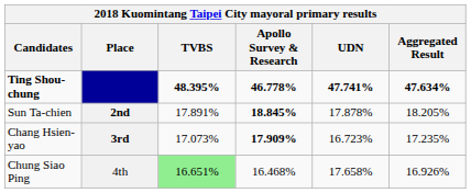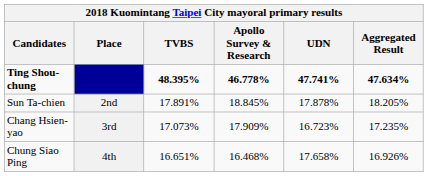 <table class="wikitable collapsible">
 <tr>
 <th colspan="6" width=600>2018 Kuomintang <a href='#'>Taipei</a> City mayoral primary results</th>
 </tr>
 <tr>
 <th width=80>Candidates</th>
 <th width=80>Place</th>
 <th width=80>TVBS</th>
 <th width=80>Apollo Survey & Research</th>
 <th width=80>UDN</th>
 <th width=80>Aggregated Result</th>
 </tr>
 <tr>
 <td><strong>Ting Shou-chung</strong></td>
 <td style="background: #000099; text-align:center"><strong></strong></td>
 <td style="text-align:center"><strong>48.395%</strong></td>
 <td style="text-align:center"><strong>46.778%</strong></td>
 <td style="text-align:center"><strong>47.741%</strong></td>
 <td style="text-align:center"><strong>47.634%</strong></td>
 </tr>
 <tr>
 <td>Sun Ta-chien</td>
-<td style="background: #f1f1f1; text-align:center"><strong>2nd</strong></td>
+<td style="background: #f1f1f1; text-align:center">2nd</td>
 <td style="text-align:center">17.891%</td>
-<td style="text-align:center"><strong>18.845%</strong></td>
+<td style="text-align:center">18.845%</td>
 <td style="text-align:center">17.878%</td>
 <td style="text-align:center">18.205%</td>
 </tr>
 <tr>
 <td>Chang Hsien-yao</td>
-<td style="background: #f1f1f1; text-align:center"><strong>3rd</strong></td>
+<td style="background: #f1f1f1; text-align:center">3rd</td>
 <td style="text-align:center">17.073%</td>
-<td style="text-align:center"><strong>17.909%</strong></td>
+<td style="text-align:center">17.909%</td>
 <td style="text-align:center">16.723%</td>
 <td style="text-align:center">17.235%</td>
 </tr>
 <tr>
 <td>Chung Siao Ping</td>
 <td style="background: #f1f1f1; text-align:center">4th</td>
-<td style="background: lightgreen; text-align:center">16.651%</td>
+<td style="text-align:center">16.651%</td>
 <td style="text-align:center">16.468%</td>
 <td style="text-align:center">17.658%</td>
 <td style="text-align:center">16.926%</td>
 </tr>
 </table>
